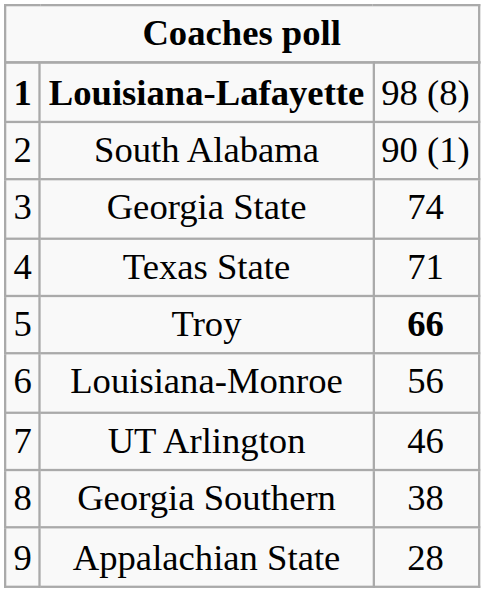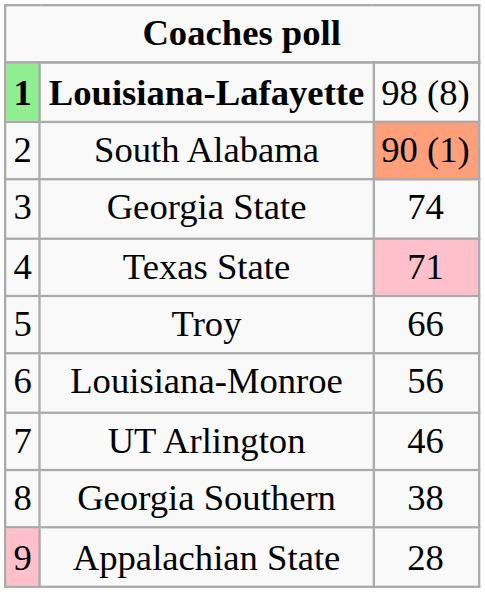 <table class="wikitable">
 <tr style="text-align:center;">
 <td colspan="3"><strong>Coaches poll</strong></td>
 </tr>
 <tr style="text-align:center;">
 </tr>
 <tr style="text-align:center;">
-<td><strong>1</strong></td>
+<td style="background: lightgreen;"><strong>1</strong></td>
 <td><strong>Louisiana-Lafayette</strong></td>
 <td>98 (8)</td>
 </tr>
 <tr style="text-align:center;">
 <td>2</td>
 <td>South Alabama</td>
-<td>90 (1)</td>
+<td style="background: lightsalmon;">90 (1)</td>
 </tr>
 <tr style="text-align:center;">
 <td>3</td>
 <td>Georgia State</td>
 <td>74</td>
 </tr>
 <tr style="text-align:center;">
 <td>4</td>
 <td>Texas State</td>
-<td>71</td>
+<td style="background: pink;">71</td>
 </tr>
 <tr style="text-align:center;">
 <td>5</td>
 <td>Troy</td>
-<td><strong>66</strong></td>
+<td>66</td>
 </tr>
 <tr style="text-align:center;">
 <td>6</td>
 <td>Louisiana-Monroe</td>
 <td>56</td>
 </tr>
 <tr style="text-align:center;">
 <td>7</td>
 <td>UT Arlington</td>
 <td>46</td>
 </tr>
 <tr style="text-align:center;">
 <td>8</td>
 <td>Georgia Southern</td>
 <td>38</td>
 </tr>
 <tr style="text-align:center;">
-<td>9</td>
+<td style="background: pink;">9</td>
 <td>Appalachian State</td>
 <td>28</td>
 </tr>
 </table>
